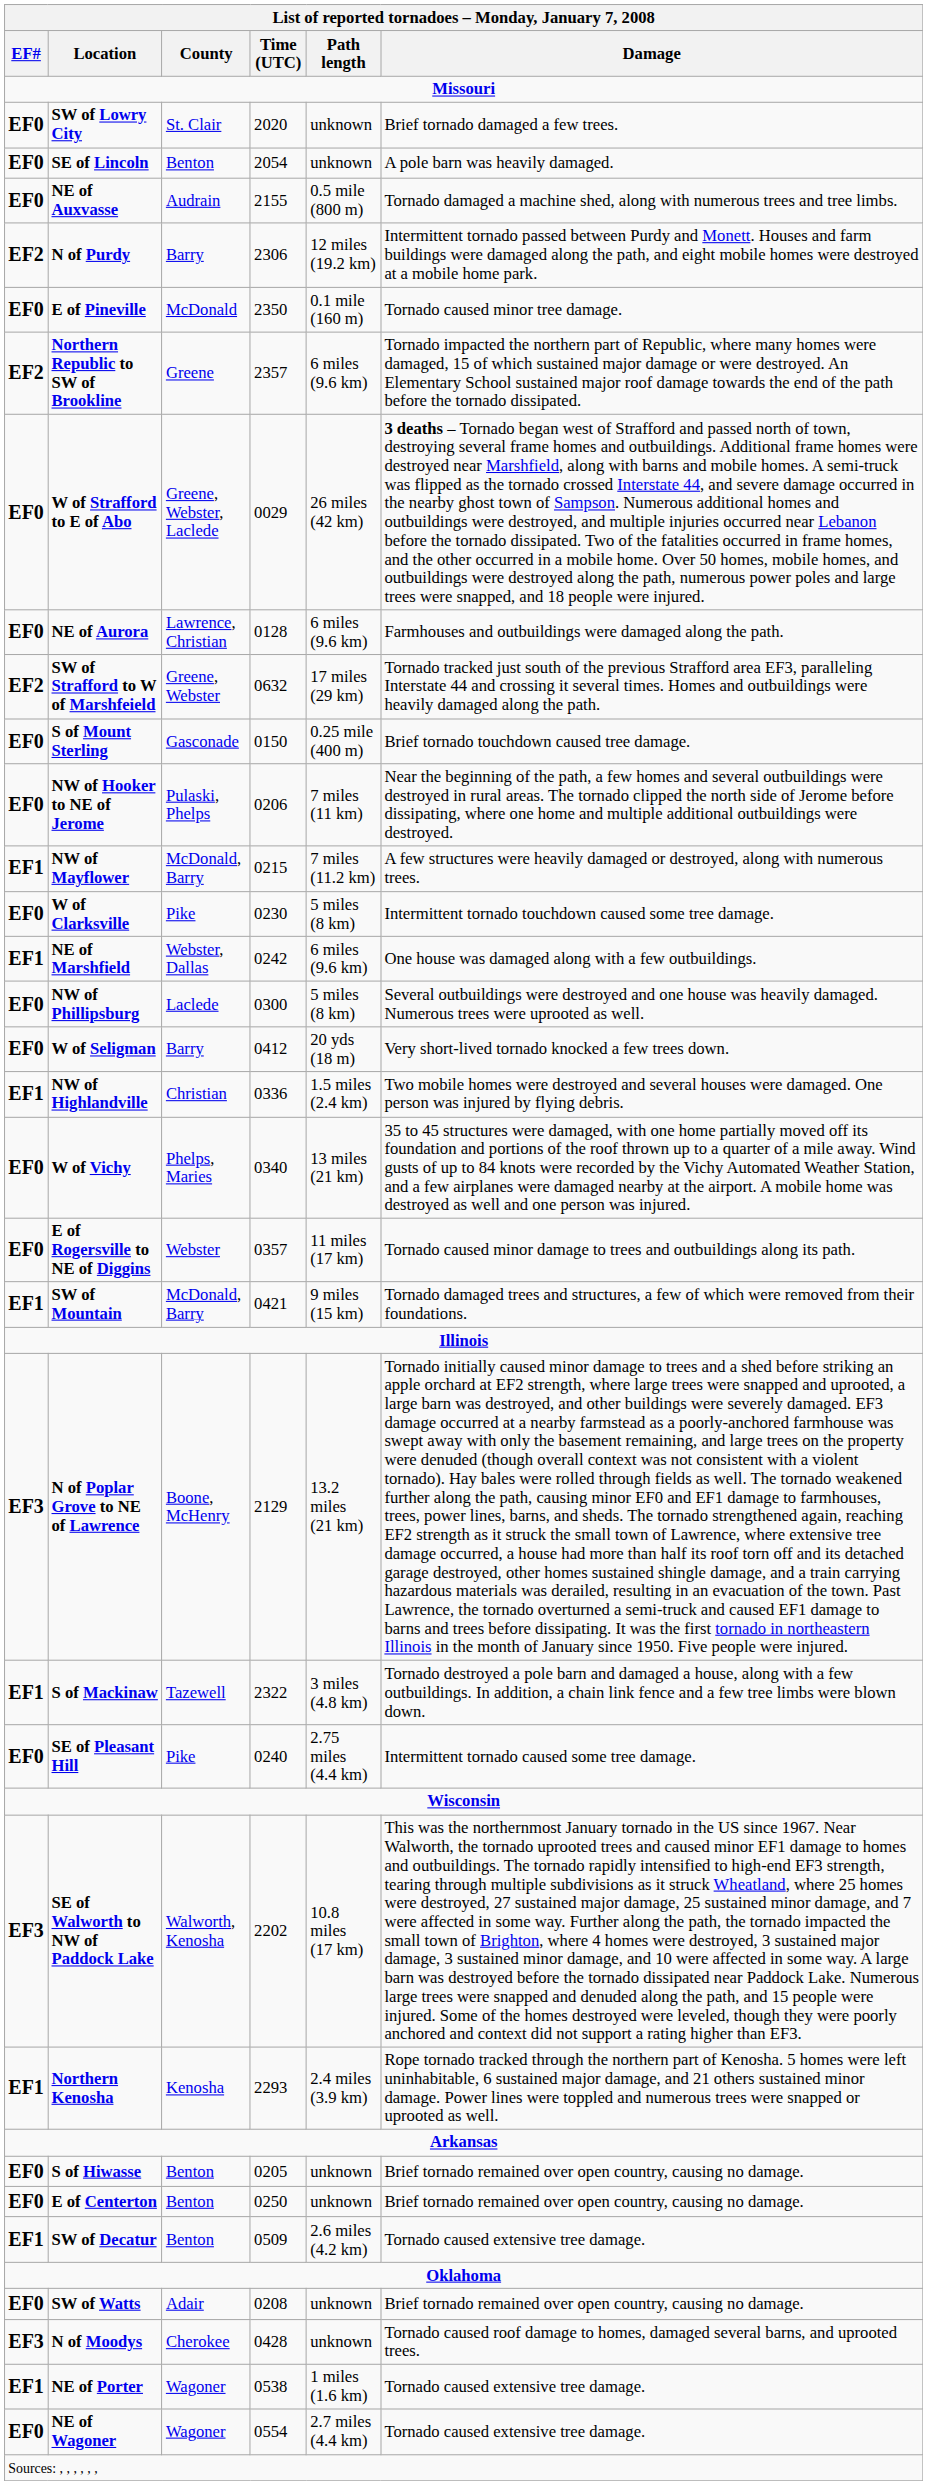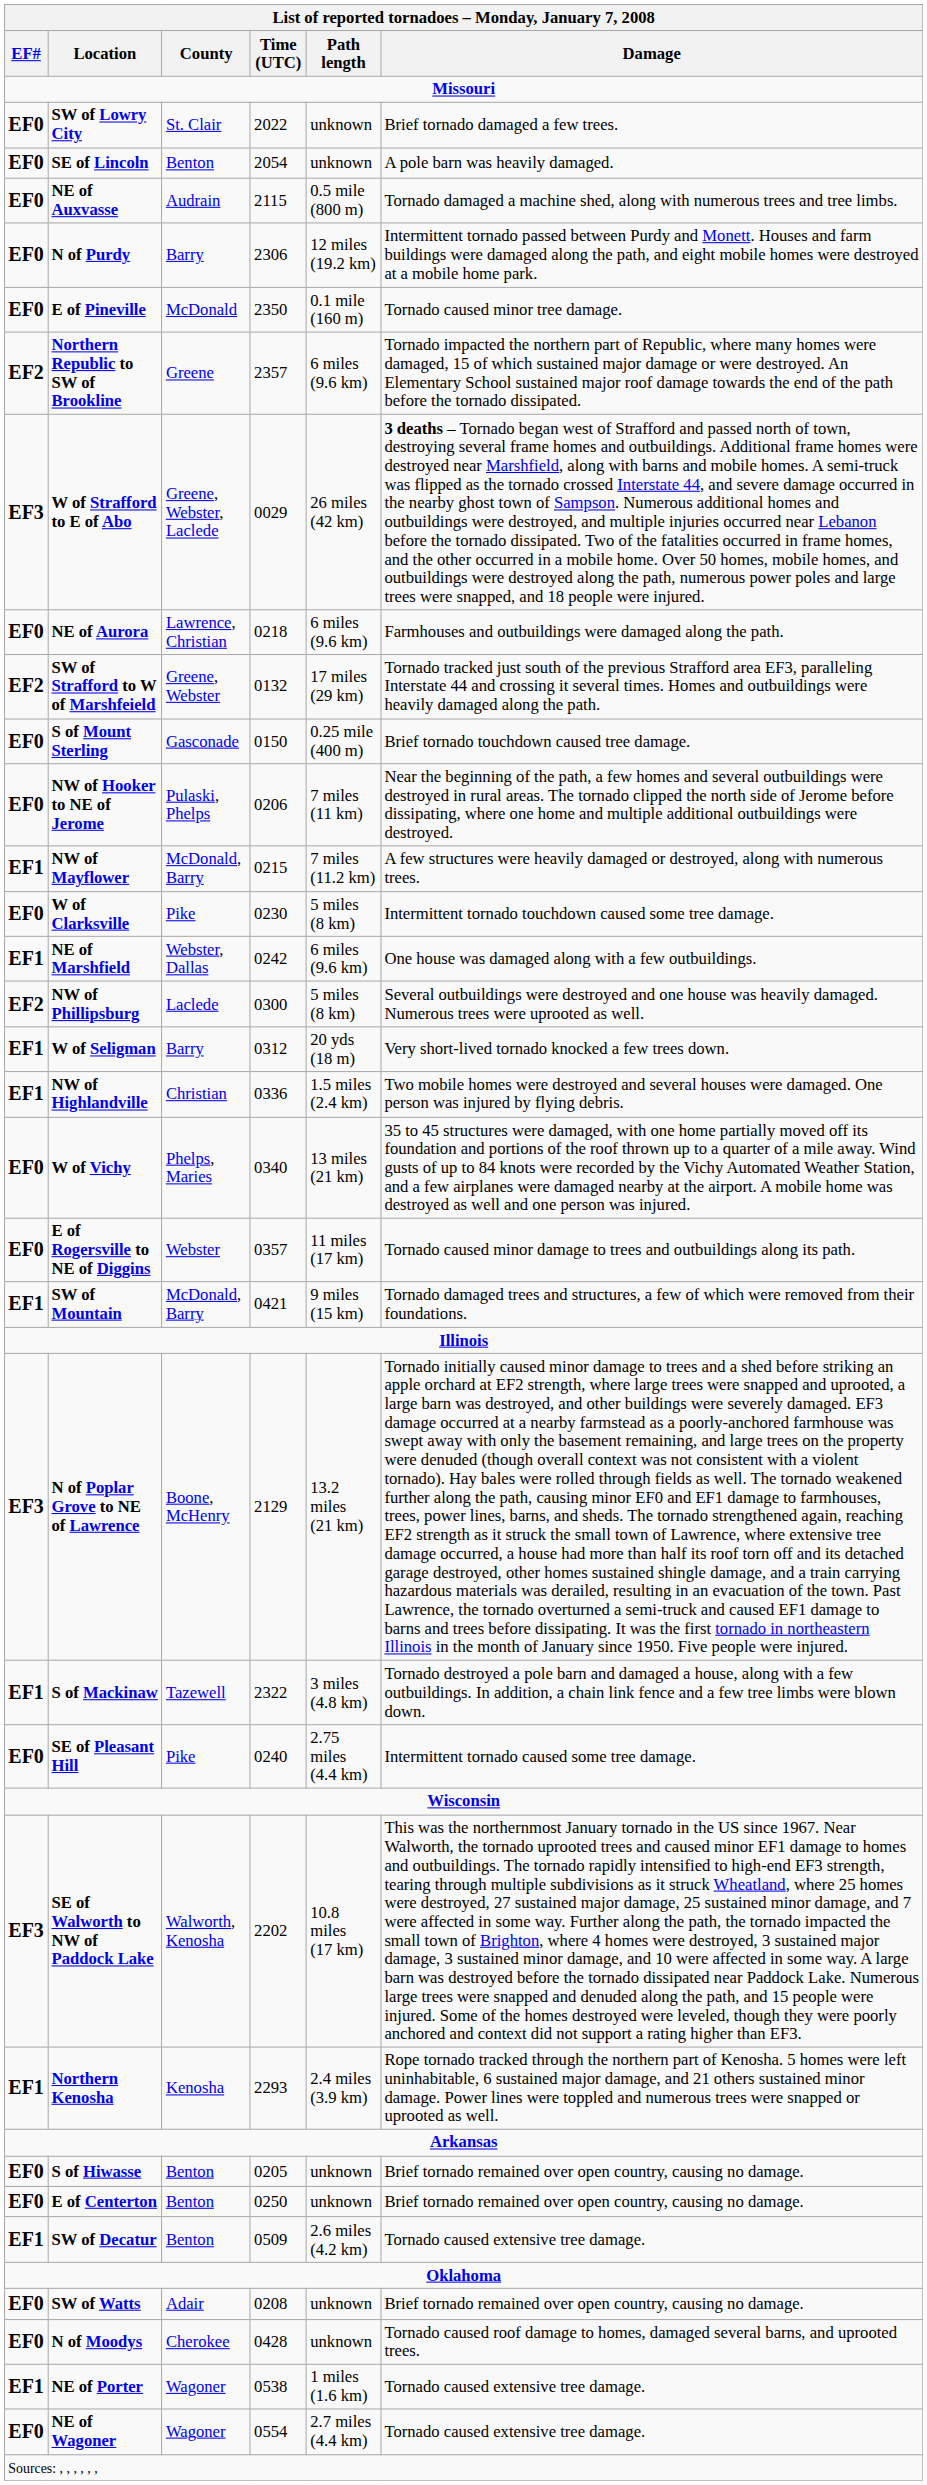 <table class="wikitable collapsible" style="width:100%;">
 <tr>
 <th colspan="6">List of reported tornadoes – Monday, January 7, 2008</th>
 </tr>
 <tr>
 <th><a href='#'>EF#</a></th>
 <th>Location</th>
 <th>County</th>
 <th>Time (UTC)</th>
 <th>Path length</th>
 <th>Damage</th>
 </tr>
 <tr>
 <td colspan="7" style="text-align:center;"><strong><a href='#'>Missouri</a></strong></td>
 </tr>
 <tr>
 <td><big><strong>EF0</strong></big></td>
 <td><strong>SW of <a href='#'>Lowry City</a></strong></td>
 <td><a href='#'>St. Clair</a></td>
-<td>2020</td>
+<td>2022</td>
 <td>unknown</td>
 <td>Brief tornado damaged a few trees.</td>
 </tr>
 <tr>
 <td><big><strong>EF0</strong></big></td>
 <td><strong>SE of <a href='#'>Lincoln</a></strong></td>
 <td><a href='#'>Benton</a></td>
 <td>2054</td>
 <td>unknown</td>
 <td>A pole barn was heavily damaged.</td>
 </tr>
 <tr>
 <td><big><strong>EF0</strong></big></td>
 <td><strong>NE of <a href='#'>Auxvasse</a></strong></td>
 <td><a href='#'>Audrain</a></td>
-<td>2155</td>
+<td>2115</td>
 <td>0.5 mile<br>(800 m)</td>
 <td>Tornado damaged a machine shed, along with numerous trees and tree limbs.</td>
 </tr>
 <tr>
-<td><big><strong>EF2</strong></big></td>
+<td><big><strong>EF0</strong></big></td>
 <td><strong>N of <a href='#'>Purdy</a></strong></td>
 <td><a href='#'>Barry</a></td>
 <td>2306</td>
 <td>12 miles <br> (19.2 km)</td>
 <td>Intermittent tornado passed between Purdy and <a href='#'>Monett</a>. Houses and farm buildings were damaged along the path, and eight mobile homes were destroyed at a mobile home park.</td>
 </tr>
 <tr>
 <td><big><strong>EF0</strong></big></td>
 <td><strong>E of <a href='#'>Pineville</a></strong></td>
 <td><a href='#'>McDonald</a></td>
 <td>2350</td>
 <td>0.1 mile<br>(160 m)</td>
 <td>Tornado caused minor tree damage.</td>
 </tr>
 <tr>
 <td><big><strong>EF2</strong></big></td>
 <td><strong><a href='#'>Northern Republic</a> to SW of <a href='#'>Brookline</a></strong></td>
 <td><a href='#'>Greene</a></td>
 <td>2357</td>
 <td>6 miles<br>(9.6 km)</td>
 <td>Tornado impacted the northern part of Republic, where many homes were damaged, 15 of which sustained major damage or were destroyed. An Elementary School sustained major roof damage towards the end of the path before the tornado dissipated.</td>
 </tr>
 <tr>
-<td><big><strong>EF0</strong></big></td>
+<td><big><strong>EF3</strong></big></td>
 <td><strong>W of <a href='#'>Strafford</a> to E of <a href='#'>Abo</a></strong></td>
 <td><a href='#'>Greene</a>, <a href='#'>Webster</a>, <a href='#'>Laclede</a></td>
 <td>0029</td>
 <td>26 miles<br>(42 km)</td>
 <td><strong>3 deaths</strong> – Tornado began west of Strafford and passed north of town, destroying several frame homes and outbuildings. Additional frame homes were destroyed near <a href='#'>Marshfield</a>, along with barns and mobile homes. A semi-truck was flipped as the tornado crossed <a href='#'>Interstate 44</a>, and severe damage occurred in the nearby ghost town of <a href='#'>Sampson</a>. Numerous additional homes and outbuildings were destroyed, and multiple injuries occurred near <a href='#'>Lebanon</a> before the tornado dissipated. Two of the fatalities occurred in frame homes, and the other occurred in a mobile home. Over 50 homes, mobile homes, and outbuildings were destroyed along the path, numerous power poles and large trees were snapped, and 18 people were injured.</td>
 </tr>
 <tr>
 <td><big><strong>EF0</strong></big></td>
 <td><strong>NE of <a href='#'>Aurora</a></strong></td>
 <td><a href='#'>Lawrence</a>, <a href='#'>Christian</a></td>
-<td>0128</td>
+<td>0218</td>
 <td>6 miles<br>(9.6 km)</td>
 <td>Farmhouses and outbuildings were damaged along the path.</td>
 </tr>
 <tr>
 <td><big><strong>EF2</strong></big></td>
 <td><strong>SW of <a href='#'>Strafford</a> to W of <a href='#'>Marshfeield</a></strong></td>
 <td><a href='#'>Greene</a>, <a href='#'>Webster</a></td>
-<td>0632</td>
+<td>0132</td>
 <td>17 miles<br>(29 km)</td>
 <td>Tornado tracked just south of the previous Strafford area EF3, paralleling Interstate 44 and crossing it several times. Homes and outbuildings were heavily damaged along the path.</td>
 </tr>
 <tr>
 <td><big><strong>EF0</strong></big></td>
 <td><strong>S of <a href='#'>Mount Sterling</a></strong></td>
 <td><a href='#'>Gasconade</a></td>
 <td>0150</td>
 <td>0.25 mile <br>(400 m)</td>
 <td>Brief tornado touchdown caused tree damage.</td>
 </tr>
 <tr>
 <td><big><strong>EF0</strong></big></td>
 <td><strong>NW of <a href='#'>Hooker</a> to NE of <a href='#'>Jerome</a></strong></td>
 <td><a href='#'>Pulaski</a>, <a href='#'>Phelps</a></td>
 <td>0206</td>
 <td>7 miles<br>(11 km)</td>
 <td>Near the beginning of the path, a few homes and several outbuildings were destroyed in rural areas. The tornado clipped the north side of Jerome before dissipating, where one home and multiple additional outbuildings were destroyed.</td>
 </tr>
 <tr>
 <td><big><strong>EF1</strong></big></td>
 <td><strong>NW of <a href='#'>Mayflower</a></strong></td>
 <td><a href='#'>McDonald</a>, <a href='#'>Barry</a></td>
 <td>0215</td>
 <td>7 miles<br>(11.2 km)</td>
 <td>A few structures were heavily damaged or destroyed, along with numerous trees.</td>
 </tr>
 <tr>
 <td><big><strong>EF0</strong></big></td>
 <td><strong>W of <a href='#'>Clarksville</a></strong></td>
 <td><a href='#'>Pike</a></td>
 <td>0230</td>
 <td>5 miles<br>(8 km)</td>
 <td>Intermittent tornado touchdown caused some tree damage.</td>
 </tr>
 <tr>
 <td><big><strong>EF1</strong></big></td>
 <td><strong>NE of <a href='#'>Marshfield</a></strong></td>
 <td><a href='#'>Webster</a>, <a href='#'>Dallas</a></td>
 <td>0242</td>
 <td>6 miles<br>(9.6 km)</td>
 <td>One house was damaged along with a few outbuildings.</td>
 </tr>
 <tr>
-<td><big><strong>EF0</strong></big></td>
+<td><big><strong>EF2</strong></big></td>
 <td><strong>NW of <a href='#'>Phillipsburg</a></strong></td>
 <td><a href='#'>Laclede</a></td>
 <td>0300</td>
 <td>5 miles<br>(8 km)</td>
 <td>Several outbuildings were destroyed and one house was heavily damaged. Numerous trees were uprooted as well.</td>
 </tr>
 <tr>
-<td><big><strong>EF0</strong></big></td>
+<td><big><strong>EF1</strong></big></td>
 <td><strong>W of <a href='#'>Seligman</a></strong></td>
 <td><a href='#'>Barry</a></td>
-<td>0412</td>
+<td>0312</td>
 <td>20 yds <br>(18 m)</td>
 <td>Very short-lived tornado knocked a few trees down.</td>
 </tr>
 <tr>
 <td><big><strong>EF1</strong></big></td>
 <td><strong>NW of <a href='#'>Highlandville</a></strong></td>
 <td><a href='#'>Christian</a></td>
 <td>0336</td>
 <td>1.5 miles<br>(2.4 km)</td>
 <td>Two mobile homes were destroyed and several houses were damaged. One person was injured by flying debris.</td>
 </tr>
 <tr>
 <td><big><strong>EF0</strong></big></td>
 <td><strong>W of <a href='#'>Vichy</a></strong></td>
 <td><a href='#'>Phelps</a>, <a href='#'>Maries</a></td>
 <td>0340</td>
 <td>13 miles<br>(21 km)</td>
 <td>35 to 45 structures were damaged, with one home partially moved off its foundation and portions of the roof thrown up to a quarter of a mile away. Wind gusts of up to 84 knots were recorded by the Vichy Automated Weather Station, and a few airplanes were damaged nearby at the airport. A mobile home was destroyed as well and one person was injured.</td>
 </tr>
 <tr>
 <td><big><strong>EF0</strong></big></td>
 <td><strong>E of <a href='#'>Rogersville</a> to NE of <a href='#'>Diggins</a></strong></td>
 <td><a href='#'>Webster</a></td>
 <td>0357</td>
 <td>11 miles<br>(17 km)</td>
 <td>Tornado caused minor damage to trees and outbuildings along its path.</td>
 </tr>
 <tr>
 <td><big><strong>EF1</strong></big></td>
 <td><strong>SW of <a href='#'>Mountain</a></strong></td>
 <td><a href='#'>McDonald</a>, <a href='#'>Barry</a></td>
 <td>0421</td>
 <td>9 miles<br>(15 km)</td>
 <td>Tornado damaged trees and structures, a few of which were removed from their foundations.</td>
 </tr>
 <tr>
 <td colspan="7" style="text-align:center;"><strong><a href='#'>Illinois</a></strong></td>
 </tr>
 <tr>
 <td><big><strong>EF3</strong></big></td>
 <td><strong>N of <a href='#'>Poplar Grove</a> to NE of <a href='#'>Lawrence</a></strong></td>
 <td><a href='#'>Boone</a>, <a href='#'>McHenry</a></td>
 <td>2129</td>
 <td>13.2 miles<br>(21 km)</td>
 <td>Tornado initially caused minor damage to trees and a shed before striking an apple orchard at EF2 strength, where large trees were snapped and uprooted, a large barn was destroyed, and other buildings were severely damaged. EF3 damage occurred at a nearby farmstead as a poorly-anchored farmhouse was swept away with only the basement remaining, and large trees on the property were denuded (though overall context was not consistent with a violent tornado). Hay bales were rolled through fields as well. The tornado weakened further along the path, causing minor EF0 and EF1 damage to farmhouses, trees, power lines, barns, and sheds. The tornado strengthened again, reaching EF2 strength as it struck the small town of Lawrence, where extensive tree damage occurred, a house had more than half its roof torn off and its detached garage destroyed, other homes sustained shingle damage, and a train carrying hazardous materials was derailed, resulting in an evacuation of the town. Past Lawrence, the tornado overturned a semi-truck and caused EF1 damage to barns and trees before dissipating. It was the first <a href='#'>tornado in northeastern Illinois</a> in the month of January since 1950. Five people were injured.</td>
 </tr>
 <tr>
 <td><big><strong>EF1</strong></big></td>
 <td><strong>S of <a href='#'>Mackinaw</a></strong></td>
 <td><a href='#'>Tazewell</a></td>
 <td>2322</td>
 <td>3 miles<br>(4.8 km)</td>
 <td>Tornado destroyed a pole barn and damaged a house, along with a few outbuildings. In addition, a chain link fence and a few tree limbs were blown down.</td>
 </tr>
 <tr>
 <td><big><strong>EF0</strong></big></td>
 <td><strong>SE of <a href='#'>Pleasant Hill</a></strong></td>
 <td><a href='#'>Pike</a></td>
 <td>0240</td>
 <td>2.75 miles<br>(4.4 km)</td>
 <td>Intermittent tornado caused some tree damage.</td>
 </tr>
 <tr>
 <td colspan="7" style="text-align:center;"><strong><a href='#'>Wisconsin</a></strong></td>
 </tr>
 <tr>
 <td><big><strong>EF3</strong></big></td>
 <td><strong>SE of <a href='#'>Walworth</a> to NW of <a href='#'>Paddock Lake</a></strong></td>
 <td><a href='#'>Walworth</a>, <a href='#'>Kenosha</a></td>
 <td>2202</td>
 <td>10.8 miles<br>(17 km)</td>
 <td>This was the northernmost January tornado in the US since 1967. Near Walworth, the tornado uprooted trees and caused minor EF1 damage to homes and outbuildings. The tornado rapidly intensified to high-end EF3 strength, tearing through multiple subdivisions as it struck <a href='#'>Wheatland</a>, where 25 homes were destroyed, 27 sustained major damage, 25 sustained minor damage, and 7 were affected in some way. Further along the path, the tornado impacted the small town of <a href='#'>Brighton</a>, where 4 homes were destroyed, 3 sustained major damage, 3 sustained minor damage, and 10 were affected in some way. A large barn was destroyed before the tornado dissipated near Paddock Lake. Numerous large trees were snapped and denuded along the path, and 15 people were injured. Some of the homes destroyed were leveled, though they were poorly anchored and context did not support a rating higher than EF3.</td>
 </tr>
 <tr>
 <td><big><strong>EF1</strong></big></td>
 <td><strong><a href='#'>Northern Kenosha</a></strong></td>
 <td><a href='#'>Kenosha</a></td>
 <td>2293</td>
 <td>2.4 miles<br> (3.9 km)</td>
 <td>Rope tornado tracked through the northern part of Kenosha. 5 homes were left uninhabitable, 6 sustained major damage, and 21 others sustained minor damage. Power lines were toppled and numerous trees were snapped or uprooted as well.</td>
 </tr>
 <tr>
 <td colspan="7" style="text-align:center;"><strong><a href='#'>Arkansas</a></strong></td>
 </tr>
 <tr>
 <td><big><strong>EF0</strong></big></td>
 <td><strong>S of <a href='#'>Hiwasse</a></strong></td>
 <td><a href='#'>Benton</a></td>
 <td>0205</td>
 <td>unknown</td>
 <td>Brief tornado remained over open country, causing no damage.</td>
 </tr>
 <tr>
 <td><big><strong>EF0</strong></big></td>
 <td><strong>E of <a href='#'>Centerton</a></strong></td>
 <td><a href='#'>Benton</a></td>
 <td>0250</td>
 <td>unknown</td>
 <td>Brief tornado remained over open country, causing no damage.</td>
 </tr>
 <tr>
 <td><big><strong>EF1</strong></big></td>
 <td><strong>SW of <a href='#'>Decatur</a></strong></td>
 <td><a href='#'>Benton</a></td>
 <td>0509</td>
 <td>2.6 miles<br>(4.2 km)</td>
 <td>Tornado caused extensive tree damage.</td>
 </tr>
 <tr>
 <td colspan="7" style="text-align:center;"><strong><a href='#'>Oklahoma</a></strong></td>
 </tr>
 <tr>
 <td><big><strong>EF0</strong></big></td>
 <td><strong>SW of <a href='#'>Watts</a></strong></td>
 <td><a href='#'>Adair</a></td>
 <td>0208</td>
 <td>unknown</td>
 <td>Brief tornado remained over open country, causing no damage.</td>
 </tr>
 <tr>
-<td><big><strong>EF3</strong></big></td>
+<td><big><strong>EF0</strong></big></td>
 <td><strong>N of <a href='#'>Moodys</a></strong></td>
 <td><a href='#'>Cherokee</a></td>
 <td>0428</td>
 <td>unknown</td>
 <td>Tornado caused roof damage to homes, damaged several barns, and uprooted trees.</td>
 </tr>
 <tr>
 <td><big><strong>EF1</strong></big></td>
 <td><strong>NE of <a href='#'>Porter</a></strong></td>
 <td><a href='#'>Wagoner</a></td>
 <td>0538</td>
 <td>1 miles<br>(1.6 km)</td>
 <td>Tornado caused extensive tree damage.</td>
 </tr>
 <tr>
 <td><big><strong>EF0</strong></big></td>
 <td><strong>NE of <a href='#'>Wagoner</a></strong></td>
 <td><a href='#'>Wagoner</a></td>
 <td>0554</td>
 <td>2.7 miles<br>(4.4 km)</td>
 <td>Tornado caused extensive tree damage.</td>
 </tr>
 <tr>
 <td colspan="7"><small>Sources: , , , , , , </small></td>
 </tr>
 </table>
